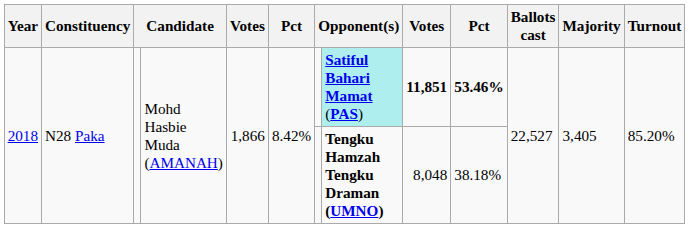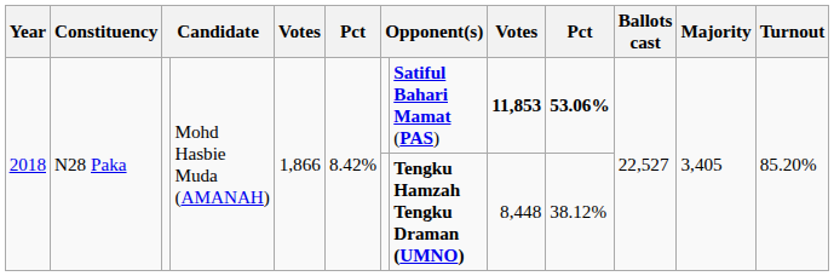 <table class="wikitable" style="margin:0.5em ; font-size:95%">
 <tr>
 <th>Year</th>
 <th>Constituency</th>
 <th colspan=2>Candidate</th>
 <th>Votes</th>
 <th>Pct</th>
 <th colspan=2>Opponent(s)</th>
 <th>Votes</th>
 <th>Pct</th>
 <th>Ballots cast</th>
 <th>Majority</th>
 <th>Turnout</th>
 </tr>
 <tr>
 <td rowspan=2><a href='#'>2018</a></td>
 <td rowspan=2>N28 <a href='#'>Paka</a></td>
 <td rowspan=2 ></td>
 <td rowspan=2>Mohd Hasbie Muda (<a href='#'>AMANAH</a>)</td>
 <td rowspan=2 align=right>1,866</td>
 <td rowspan=2 align=right>8.42%</td>
 <td></td>
-<td style="background: paleturquoise;"><strong><a href='#'>Satiful Bahari Mamat</a></strong> (<a href='#'><strong>PAS</strong></a>)</td>
-<td align=right><strong>11,851</strong></td>
-<td><strong>53.46%</strong></td>
+<td><strong><a href='#'>Satiful Bahari Mamat</a></strong> (<a href='#'><strong>PAS</strong></a>)</td>
+<td align=right><strong>11,853</strong></td>
+<td><strong>53.06%</strong></td>
 <td rowspan=2>22,527</td>
 <td rowspan=2>3,405</td>
 <td rowspan=2>85.20%</td>
 </tr>
 <tr>
 <td></td>
 <td><strong>Tengku Hamzah Tengku Draman (<a href='#'>UMNO</a>)</strong></td>
-<td align=right>8,048</td>
-<td>38.18%</td>
+<td align=right>8,448</td>
+<td>38.12%</td>
 </tr>
 <tr>
 </tr>
 </table>
